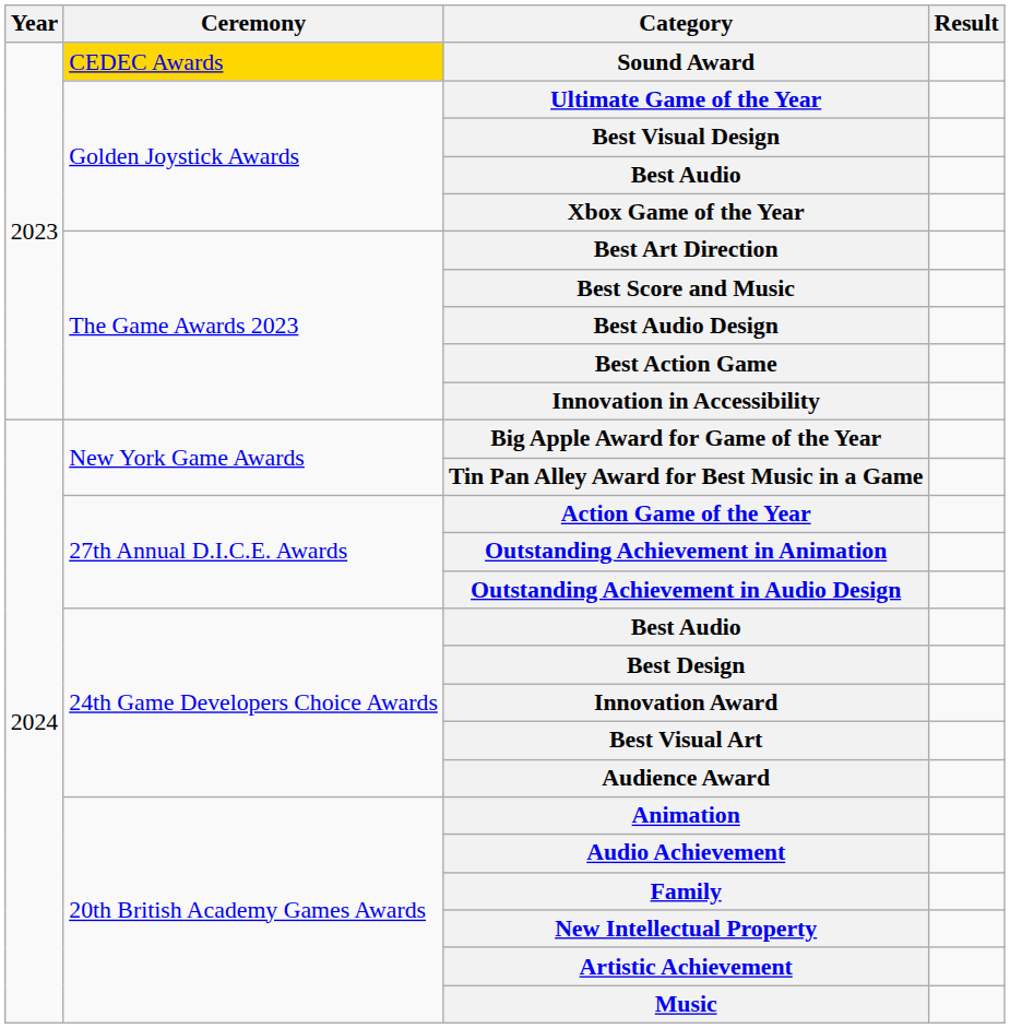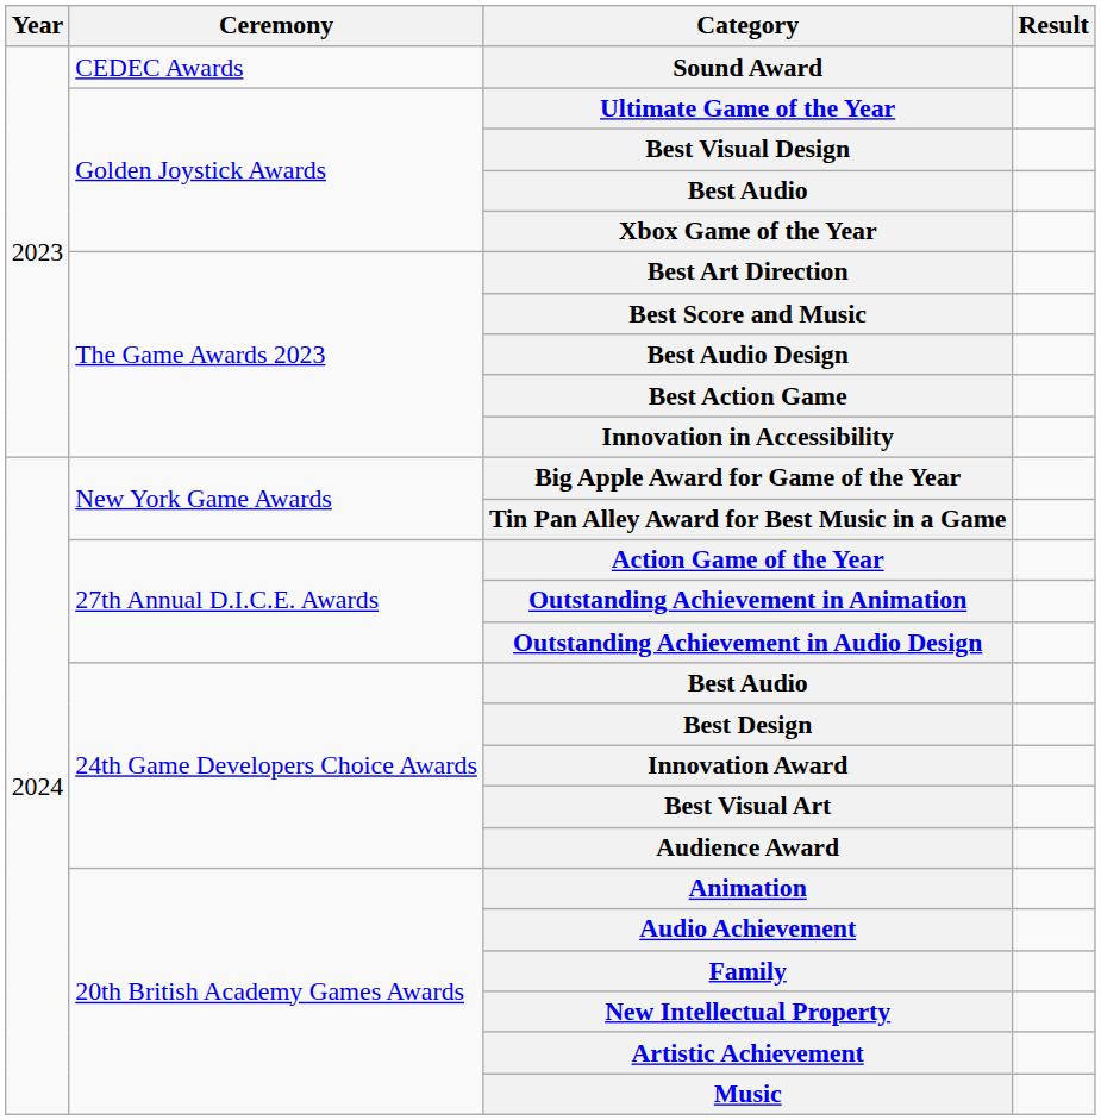 <table class="wikitable plainrowheaders sortable" width="auto">
 <tr>
 <th scope="col">Year</th>
 <th scope="col">Ceremony</th>
 <th scope="col">Category</th>
 <th scope="col">Result</th>
 </tr>
 <tr>
 <td rowspan="10" style="text-align:center;">2023</td>
-<td style="background: gold;"><a href='#'>CEDEC Awards</a></td>
+<td><a href='#'>CEDEC Awards</a></td>
 <th scope="row">Sound Award</th>
 <td></td>
 </tr>
 <tr>
 <td rowspan="4"><a href='#'>Golden Joystick Awards</a></td>
 <th scope="row"><a href='#'>Ultimate Game of the Year</a></th>
 <td></td>
 </tr>
 <tr>
 <th scope="row">Best Visual Design</th>
 <td></td>
 </tr>
 <tr>
 <th scope="row">Best Audio</th>
 <td></td>
 </tr>
 <tr>
 <th scope="row">Xbox Game of the Year</th>
 <td></td>
 </tr>
 <tr>
 <td rowspan="5"><a href='#'>The Game Awards 2023</a></td>
 <th scope="row">Best Art Direction</th>
 <td></td>
 </tr>
 <tr>
 <th scope="row">Best Score and Music</th>
 <td></td>
 </tr>
 <tr>
 <th scope="row">Best Audio Design</th>
 <td></td>
 </tr>
 <tr>
 <th scope="row">Best Action Game</th>
 <td></td>
 </tr>
 <tr>
 <th scope="row">Innovation in Accessibility</th>
 <td></td>
 </tr>
 <tr>
 <td rowspan="16" style="text-align:center;">2024</td>
 <td rowspan="2"><a href='#'>New York Game Awards</a></td>
 <th scope="row">Big Apple Award for Game of the Year</th>
 <td></td>
 </tr>
 <tr>
 <th scope="row">Tin Pan Alley Award for Best Music in a Game</th>
 <td></td>
 </tr>
 <tr>
 <td rowspan="3"><a href='#'>27th Annual D.I.C.E. Awards</a></td>
 <th scope="row"><a href='#'>Action Game of the Year</a></th>
 <td></td>
 </tr>
 <tr>
 <th scope="row"><a href='#'>Outstanding Achievement in Animation</a></th>
 <td></td>
 </tr>
 <tr>
 <th scope="row"><a href='#'>Outstanding Achievement in Audio Design</a></th>
 <td></td>
 </tr>
 <tr>
 <td rowspan="5"><a href='#'>24th Game Developers Choice Awards</a></td>
 <th scope="row">Best Audio</th>
 <td></td>
 </tr>
 <tr>
 <th scope="row">Best Design</th>
 <td></td>
 </tr>
 <tr>
 <th scope="row">Innovation Award</th>
 <td></td>
 </tr>
 <tr>
 <th scope="row">Best Visual Art</th>
 <td></td>
 </tr>
 <tr>
 <th scope="row">Audience Award</th>
 <td></td>
 </tr>
 <tr>
 <td rowspan="6"><a href='#'>20th British Academy Games Awards</a></td>
 <th scope="row"><a href='#'>Animation</a></th>
 <td></td>
 </tr>
 <tr>
 <th scope="row"><a href='#'>Audio Achievement</a></th>
 <td></td>
 </tr>
 <tr>
 <th scope="row"><a href='#'>Family</a></th>
 <td></td>
 </tr>
 <tr>
 <th scope="row"><a href='#'>New Intellectual Property</a></th>
 <td></td>
 </tr>
 <tr>
 <th scope="row"><a href='#'>Artistic Achievement</a></th>
 <td></td>
 </tr>
 <tr>
 <th scope="row"><a href='#'>Music</a></th>
 <td></td>
 </tr>
 </table>
